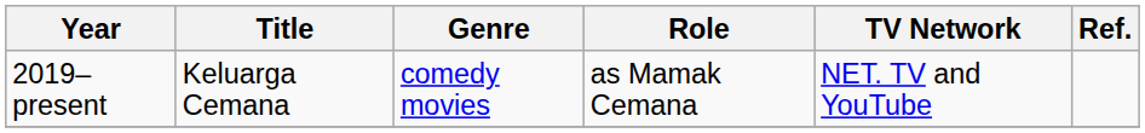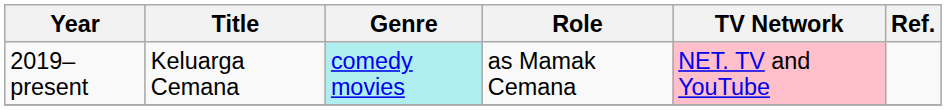 <table class="wikitable" style="font-size: 95%;">
 <tr>
 <th>Year</th>
 <th>Title</th>
 <th>Genre</th>
 <th>Role</th>
 <th>TV Network</th>
 <th>Ref.</th>
 </tr>
 <tr>
 <td>2019–present</td>
 <td>Keluarga Cemana</td>
-<td><a href='#'>comedy movies</a></td>
+<td style="background: paleturquoise;"><a href='#'>comedy movies</a></td>
 <td>as Mamak Cemana</td>
-<td><a href='#'>NET. TV</a> and <a href='#'>YouTube</a></td>
+<td style="background: pink;"><a href='#'>NET. TV</a> and <a href='#'>YouTube</a></td>
 <td></td>
 </tr>
 <tr>
 </tr>
 </table>
